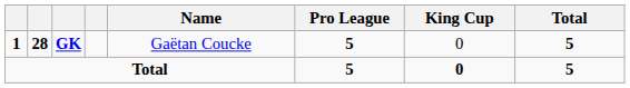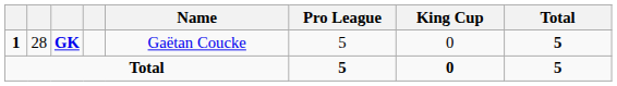 <table class="wikitable" style="text-align:center">
 <tr>
 <th width=15></th>
 <th width=15></th>
 <th width=15></th>
 <th width=15></th>
 <th width=175>Name</th>
 <th width=100>Pro League</th>
 <th width=100>King Cup</th>
 <th width=100>Total</th>
 </tr>
 <tr>
 <td rowspan="1"><strong>1</strong></td>
-<td><strong>28</strong></td>
+<td>28</td>
 <td><strong><a href='#'>GK</a></strong></td>
 <td></td>
 <td><a href='#'>Gaëtan Coucke</a></td>
-<td><strong>5</strong></td>
+<td>5</td>
 <td>0</td>
 <td><strong>5</strong></td>
 </tr>
 <tr>
 <td colspan="5"><strong>Total</strong></td>
 <td><strong>5</strong></td>
 <td><strong>0</strong></td>
 <td><strong>5</strong></td>
 </tr>
 </table>
